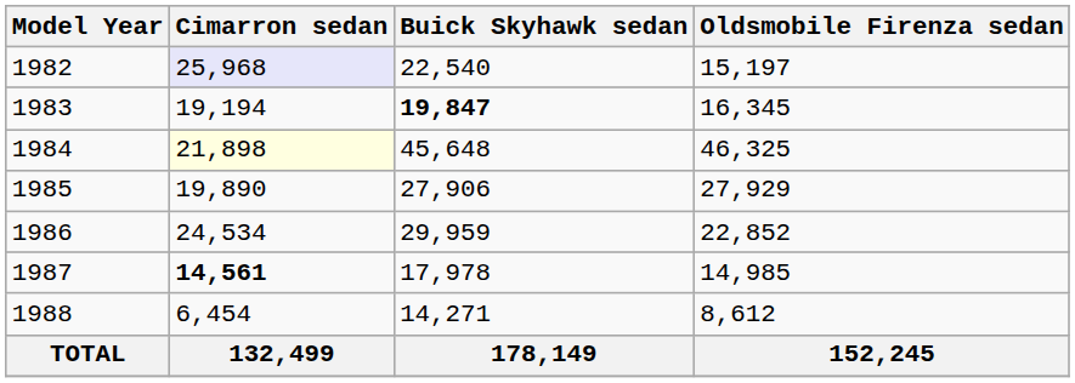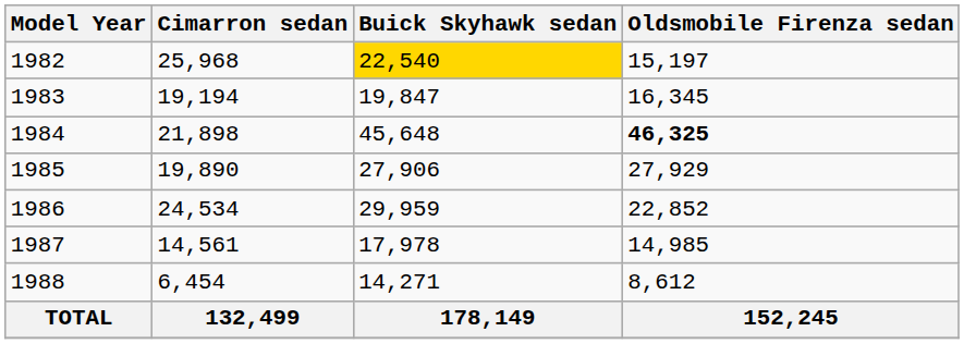 <table class="wikitable">
 <tr>
 <th>Model Year</th>
 <th>Cimarron sedan</th>
 <th>Buick Skyhawk sedan</th>
 <th>Oldsmobile Firenza sedan</th>
 </tr>
 <tr>
 <td>1982</td>
-<td style="background: lavender;">25,968</td>
-<td>22,540</td>
+<td>25,968</td>
+<td style="background: gold;">22,540</td>
 <td>15,197</td>
 </tr>
 <tr>
 <td>1983</td>
 <td>19,194</td>
-<td><strong>19,847</strong></td>
+<td>19,847</td>
 <td>16,345</td>
 </tr>
 <tr>
 <td>1984</td>
-<td style="background: lightyellow;">21,898</td>
+<td>21,898</td>
 <td>45,648</td>
-<td>46,325</td>
+<td><strong>46,325</strong></td>
 </tr>
 <tr>
 <td>1985</td>
 <td>19,890</td>
 <td>27,906</td>
 <td>27,929</td>
 </tr>
 <tr>
 <td>1986</td>
 <td>24,534</td>
 <td>29,959</td>
 <td>22,852</td>
 </tr>
 <tr>
 <td>1987</td>
-<td><strong>14,561</strong></td>
+<td>14,561</td>
 <td>17,978</td>
 <td>14,985</td>
 </tr>
 <tr>
 <td>1988</td>
 <td>6,454</td>
 <td>14,271</td>
 <td>8,612</td>
 </tr>
 <tr>
 <th>TOTAL</th>
 <th><strong>132,499</strong></th>
 <th><strong>178,149</strong></th>
 <th><strong>152,245</strong></th>
 </tr>
 <tr>
 </tr>
 </table>
